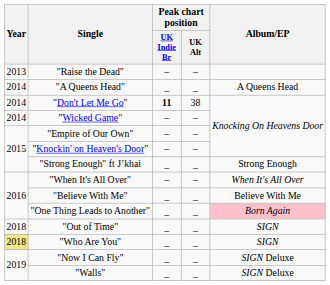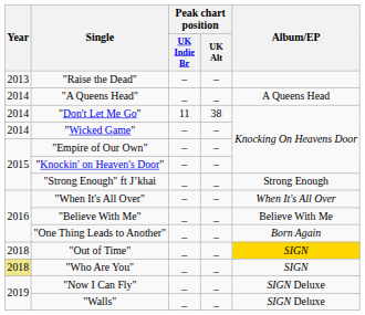 <table class="wikitable plainrowheaders" style="text-align:center;">
 <tr>
 <th scope="col" rowspan="2">Year</th>
 <th scope="col" rowspan="2">Single</th>
 <th scope="col" colspan="2">Peak chart position</th>
 <th scope="col" rowspan="2">Album/EP</th>
 </tr>
 <tr>
 <th scope="col" style="width:3em;font-size:85%;"><a href='#'>UK Indie Br</a></th>
 <th scope="col" style="width:3em;font-size:85%;">UK Alt</th>
 </tr>
 <tr>
 <td>2013</td>
 <td scope="row">"Raise the Dead"</td>
 <td>–</td>
 <td>–</td>
 <td></td>
 </tr>
 <tr>
 <td>2014</td>
 <td>"A Queens Head"</td>
 <td>_</td>
 <td>_</td>
 <td>A Queens Head</td>
 </tr>
 <tr>
 <td>2014</td>
 <td scope="row">"<a href='#'>Don't Let Me Go</a>"</td>
-<td><strong>11</strong></td>
+<td>11</td>
 <td>38</td>
 <td rowspan="4"><em>Knocking On Heavens Door</em></td>
 </tr>
 <tr>
 <td>2014</td>
 <td scope="row">"<a href='#'>Wicked Game</a>"</td>
 <td>–</td>
 <td>–</td>
 </tr>
 <tr>
 <td rowspan="3">2015</td>
 <td scope="row">"Empire of Our Own"</td>
 <td>–</td>
 <td>–</td>
 </tr>
 <tr>
 <td scope="row">"<a href='#'>Knockin' on Heaven's Door</a>"</td>
 <td>–</td>
 <td>–</td>
 </tr>
 <tr>
 <td>"Strong Enough" ft J’khai</td>
 <td>_</td>
 <td>_</td>
 <td>Strong Enough</td>
 </tr>
 <tr>
 <td rowspan="3">2016</td>
 <td scope="row">"When It's All Over"</td>
 <td>–</td>
 <td>–</td>
 <td><em>When It's All Over</em></td>
 </tr>
 <tr>
 <td>"Believe With Me"</td>
 <td>_</td>
 <td>_</td>
 <td>Believe With Me</td>
 </tr>
 <tr>
 <td>"One Thing Leads to Another"</td>
 <td>_</td>
 <td>_</td>
-<td style="background: pink;"><em>Born Again</em></td>
+<td><em>Born Again</em></td>
 </tr>
 <tr>
 <td>2018</td>
 <td>"Out of Time"</td>
 <td>_</td>
 <td>_</td>
-<td><em>SIGN</em></td>
+<td style="background: gold;"><em>SIGN</em></td>
 </tr>
 <tr>
 <td style="background: khaki;">2018</td>
 <td>"Who Are You"</td>
 <td>_</td>
 <td>_</td>
 <td><em>SIGN</em></td>
 </tr>
 <tr>
 <td rowspan="3">2019</td>
 <td>"Now I Can Fly"</td>
 <td>_</td>
 <td>_</td>
 <td><em>SIGN</em> Deluxe</td>
 </tr>
 <tr>
 <td scope="row">"Walls"</td>
 <td>_</td>
 <td>_</td>
 <td><em>SIGN</em> Deluxe</td>
 </tr>
 </table>
